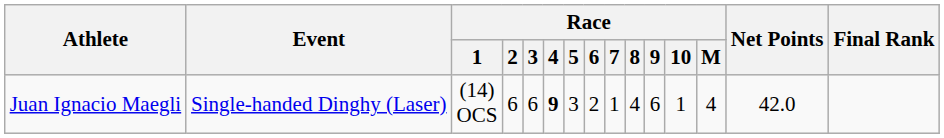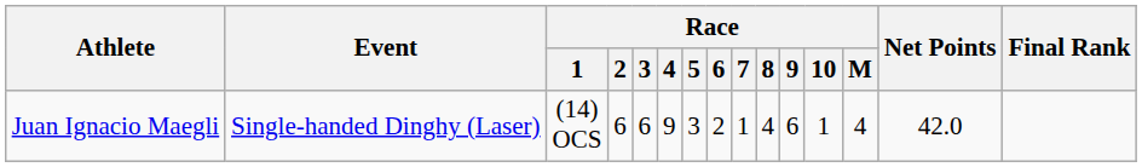 <table class="wikitable" border="1" style="font-size:90%">
 <tr>
 <th rowspan=2>Athlete</th>
 <th rowspan=2>Event</th>
 <th colspan=11>Race</th>
 <th rowspan=2>Net Points</th>
 <th rowspan=2>Final Rank</th>
 </tr>
 <tr>
 <th>1</th>
 <th>2</th>
 <th>3</th>
 <th>4</th>
 <th>5</th>
 <th>6</th>
 <th>7</th>
 <th>8</th>
 <th>9</th>
 <th>10</th>
 <th>M</th>
 </tr>
 <tr align=center>
 <td align=left><a href='#'>Juan Ignacio Maegli</a></td>
 <td align=left><a href='#'>Single-handed Dinghy (Laser)</a></td>
 <td>(14)<br>OCS</td>
 <td>6</td>
 <td>6</td>
-<td><strong>9</strong></td>
+<td>9</td>
 <td>3</td>
 <td>2</td>
 <td>1</td>
 <td>4</td>
 <td>6</td>
 <td>1</td>
 <td>4</td>
 <td>42.0</td>
 <td></td>
 </tr>
 </table>
